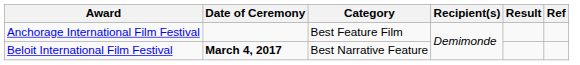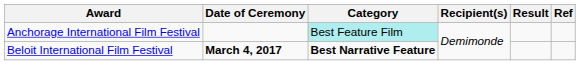 <table class="wikitable plainrowheaders sortable">
 <tr>
 <th scope="col">Award</th>
 <th scope="col">Date of Ceremony</th>
 <th scope="col">Category</th>
 <th scope="col">Recipient(s)</th>
 <th scope="col">Result</th>
 <th>Ref</th>
 </tr>
 <tr>
 <td><a href='#'>Anchorage International Film Festival</a></td>
 <td></td>
-<td>Best Feature Film</td>
+<td style="background: paleturquoise;">Best Feature Film</td>
 <td rowspan="2"><em>Demimonde</em></td>
 <td></td>
 <td></td>
 </tr>
 <tr>
 <td><a href='#'>Beloit International Film Festival</a></td>
 <td><strong>March 4, 2017</strong></td>
-<td>Best Narrative Feature</td>
+<td><strong>Best Narrative Feature</strong></td>
 <td></td>
 <td></td>
 </tr>
 </table>
